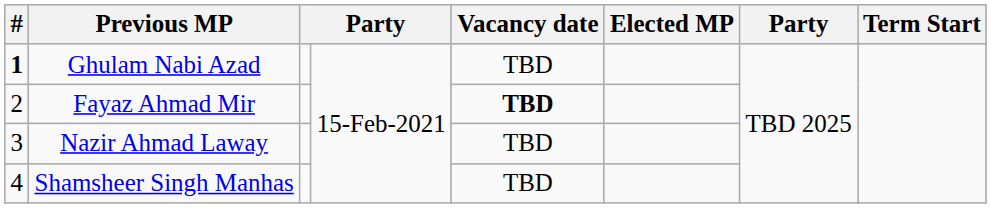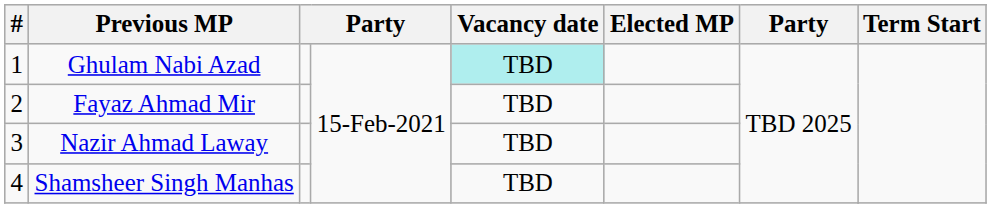 <table class="wikitable" style="text-align:center;">
 <tr>
 <th>#</th>
 <th>Previous MP</th>
 <th colspan="2">Party</th>
 <th>Vacancy date</th>
 <th>Elected MP</th>
 <th colspan="2">Party</th>
 <th>Term Start</th>
 </tr>
 <tr>
-<td><strong>1</strong></td>
+<td>1</td>
 <td><a href='#'>Ghulam Nabi Azad</a></td>
 <td></td>
 <td rowspan="4">15-Feb-2021</td>
-<td>TBD</td>
+<td style="background: paleturquoise;">TBD</td>
 <td></td>
 <td rowspan="4">TBD 2025</td>
 </tr>
 <tr>
 <td>2</td>
 <td><a href='#'>Fayaz Ahmad Mir</a></td>
 <td></td>
-<td><strong>TBD</strong></td>
+<td>TBD</td>
 <td></td>
 </tr>
 <tr>
 <td>3</td>
 <td><a href='#'>Nazir Ahmad Laway</a></td>
 <td></td>
 <td>TBD</td>
 <td></td>
 </tr>
 <tr>
 <td>4</td>
 <td><a href='#'>Shamsheer Singh Manhas</a></td>
 <td></td>
 <td>TBD</td>
 <td></td>
 </tr>
 </table>
